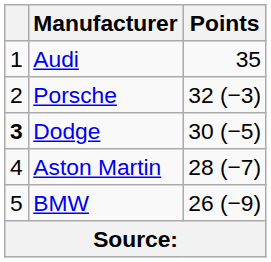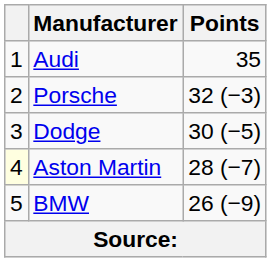 <table class="wikitable" style="font-size: 95%;">
 <tr>
 <th scope="col"></th>
 <th scope="col">Manufacturer</th>
 <th scope="col">Points</th>
 </tr>
 <tr>
 <td align=center>1</td>
 <td> <a href='#'>Audi</a></td>
 <td align=right>35</td>
 </tr>
 <tr>
 <td align=center>2</td>
 <td> <a href='#'>Porsche</a></td>
 <td align=right>32 (−3)</td>
 </tr>
 <tr>
-<td align=center><strong>3</strong></td>
+<td align=center>3</td>
 <td> <a href='#'>Dodge</a></td>
 <td align=right>30 (−5)</td>
 </tr>
 <tr>
-<td align=center>4</td>
+<td align=center style="background: lightyellow;">4</td>
 <td> <a href='#'>Aston Martin</a></td>
 <td align=right>28 (−7)</td>
 </tr>
 <tr>
 <td align=center>5</td>
 <td> <a href='#'>BMW</a></td>
 <td align=right>26 (−9)</td>
 </tr>
 <tr>
 <th colspan=4>Source:</th>
 </tr>
 </table>
